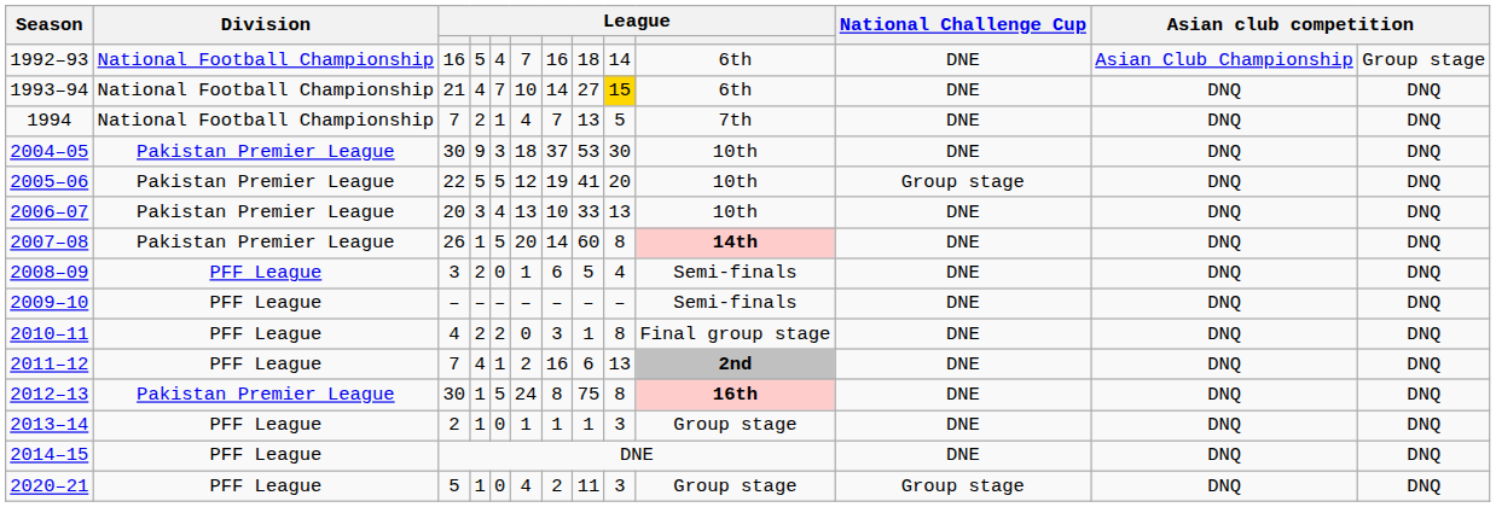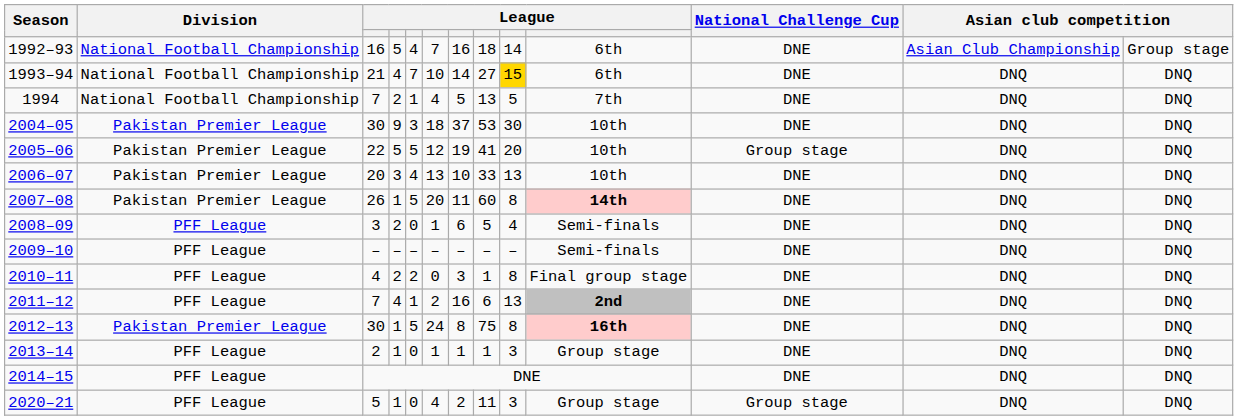 <table class="wikitable sortable" style="text-align: center;">
 <tr>
 <th rowspan="2">Season</th>
 <th rowspan="2"><strong>Division</strong></th>
 <th colspan="8">League</th>
 <th rowspan="2"><a href='#'>National Challenge Cup</a></th>
 <th colspan="2" rowspan="2">Asian club competition</th>
 </tr>
 <tr>
 <th></th>
 <th></th>
 <th></th>
 <th></th>
 <th></th>
 <th></th>
 <th></th>
 <th></th>
 </tr>
 <tr>
 <td>1992–93</td>
 <td><a href='#'>National Football Championship</a></td>
 <td>16</td>
 <td>5</td>
 <td>4</td>
 <td>7</td>
 <td>16</td>
 <td>18</td>
 <td>14</td>
 <td>6th</td>
 <td>DNE</td>
 <td><a href='#'>Asian Club Championship</a></td>
 <td>Group stage</td>
 </tr>
 <tr>
 <td>1993–94</td>
 <td>National Football Championship</td>
 <td>21</td>
 <td>4</td>
 <td>7</td>
 <td>10</td>
 <td>14</td>
 <td>27</td>
 <td style="background: gold;">15</td>
 <td>6th</td>
 <td>DNE</td>
 <td>DNQ</td>
 <td>DNQ</td>
 </tr>
 <tr>
 <td>1994</td>
 <td>National Football Championship</td>
 <td>7</td>
 <td>2</td>
 <td>1</td>
 <td>4</td>
-<td>7</td>
+<td>5</td>
 <td>13</td>
 <td>5</td>
 <td>7th</td>
 <td>DNE</td>
 <td>DNQ</td>
 <td>DNQ</td>
 </tr>
 <tr>
 <td><a href='#'>2004–05</a></td>
 <td><a href='#'>Pakistan Premier League</a></td>
 <td>30</td>
 <td>9</td>
 <td>3</td>
 <td>18</td>
 <td>37</td>
 <td>53</td>
 <td>30</td>
 <td>10th</td>
 <td>DNE</td>
 <td>DNQ</td>
 <td>DNQ</td>
 </tr>
 <tr>
 <td><a href='#'>2005–06</a></td>
 <td>Pakistan Premier League</td>
 <td>22</td>
 <td>5</td>
 <td>5</td>
 <td>12</td>
 <td>19</td>
 <td>41</td>
 <td>20</td>
 <td>10th</td>
 <td>Group stage</td>
 <td>DNQ</td>
 <td>DNQ</td>
 </tr>
 <tr>
 <td><a href='#'>2006–07</a></td>
 <td>Pakistan Premier League</td>
 <td>20</td>
 <td>3</td>
 <td>4</td>
 <td>13</td>
 <td>10</td>
 <td>33</td>
 <td>13</td>
 <td>10th</td>
 <td>DNE</td>
 <td>DNQ</td>
 <td>DNQ</td>
 </tr>
 <tr>
 <td><a href='#'>2007–08</a></td>
 <td>Pakistan Premier League</td>
 <td>26</td>
 <td>1</td>
 <td>5</td>
 <td>20</td>
-<td>14</td>
+<td>11</td>
 <td>60</td>
 <td>8</td>
 <td align="center" bgcolor=#FFCCCC><strong>14th</strong></td>
 <td>DNE</td>
 <td>DNQ</td>
 <td>DNQ</td>
 </tr>
 <tr>
 <td><a href='#'>2008–09</a></td>
 <td><a href='#'>PFF League</a></td>
 <td>3</td>
 <td>2</td>
 <td>0</td>
 <td>1</td>
 <td>6</td>
 <td>5</td>
 <td>4</td>
 <td>Semi-finals</td>
 <td>DNE</td>
 <td>DNQ</td>
 <td>DNQ</td>
 </tr>
 <tr>
 <td><a href='#'>2009–10</a></td>
 <td>PFF League</td>
 <td>–</td>
 <td>–</td>
 <td>–</td>
 <td>–</td>
 <td>–</td>
 <td>–</td>
 <td>–</td>
 <td>Semi-finals</td>
 <td>DNE</td>
 <td>DNQ</td>
 <td>DNQ</td>
 </tr>
 <tr>
 <td><a href='#'>2010–11</a></td>
 <td>PFF League</td>
 <td>4</td>
 <td>2</td>
 <td>2</td>
 <td>0</td>
 <td>3</td>
 <td>1</td>
 <td>8</td>
 <td>Final group stage</td>
 <td>DNE</td>
 <td>DNQ</td>
 <td>DNQ</td>
 </tr>
 <tr>
 <td><a href='#'>2011–12</a></td>
 <td>PFF League</td>
 <td>7</td>
 <td>4</td>
 <td>1</td>
 <td>2</td>
 <td>16</td>
 <td>6</td>
 <td>13</td>
 <td align="center" bgcolor="Silver"><strong>2nd</strong></td>
 <td>DNE</td>
 <td>DNQ</td>
 <td>DNQ</td>
 </tr>
 <tr>
 <td><a href='#'>2012–13</a></td>
 <td><a href='#'>Pakistan Premier League</a></td>
 <td>30</td>
 <td>1</td>
 <td>5</td>
 <td>24</td>
 <td>8</td>
 <td>75</td>
 <td>8</td>
 <td align="center" bgcolor=#FFCCCC><strong>16th</strong></td>
 <td>DNE</td>
 <td>DNQ</td>
 <td>DNQ</td>
 </tr>
 <tr>
 <td><a href='#'>2013–14</a></td>
 <td>PFF League</td>
 <td>2</td>
 <td>1</td>
 <td>0</td>
 <td>1</td>
 <td>1</td>
 <td>1</td>
 <td>3</td>
 <td>Group stage</td>
 <td>DNE</td>
 <td>DNQ</td>
 <td>DNQ</td>
 </tr>
 <tr>
 <td><a href='#'>2014–15</a></td>
 <td>PFF League</td>
 <td colspan="8">DNE</td>
 <td>DNE</td>
 <td>DNQ</td>
 <td>DNQ</td>
 </tr>
 <tr>
 <td><a href='#'>2020–21</a></td>
 <td>PFF League</td>
 <td>5</td>
 <td>1</td>
 <td>0</td>
 <td>4</td>
 <td>2</td>
 <td>11</td>
 <td>3</td>
 <td>Group stage</td>
 <td>Group stage</td>
 <td>DNQ</td>
 <td>DNQ</td>
 </tr>
 </table>
